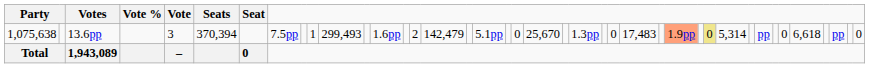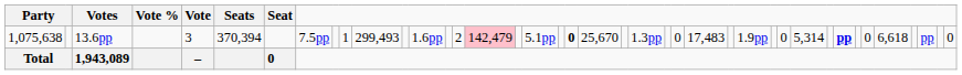 <table class="wikitable" style="text-align:right;">
 <tr>
 <th colspan=2>Party</th>
 <th>Votes</th>
 <th>Vote %</th>
 <th>Vote </th>
 <th>Seats</th>
 <th>Seat </th>
 </tr>
 <tr>
 <td>1,075,638</td>
 <td style="text-align:center;"></td>
 <td style="text-align:left;"> 13.6<a href='#'>pp</a></td>
 <td style="text-align:center;"></td>
 <td style="text-align:left;"> 3<br></td>
 <td>370,394</td>
 <td style="text-align:center;"></td>
 <td style="text-align:left;"> 7.5<a href='#'>pp</a></td>
 <td style="text-align:center;"></td>
 <td style="text-align:left;"> 1<br></td>
 <td>299,493</td>
 <td style="text-align:center;"></td>
 <td style="text-align:left;"> 1.6<a href='#'>pp</a></td>
 <td style="text-align:center;"></td>
 <td style="text-align:left;"> 2<br></td>
-<td>142,479</td>
+<td style="background: pink;">142,479</td>
 <td style="text-align:center;"></td>
 <td style="text-align:left;"> 5.1<a href='#'>pp</a></td>
 <td style="text-align:center;"></td>
-<td style="text-align:left;"> 0<br></td>
+<td style="text-align:left;"><strong> 0<br></strong></td>
 <td>25,670</td>
 <td style="text-align:center;"></td>
 <td style="text-align:left;"> 1.3<a href='#'>pp</a></td>
 <td style="text-align:center;"></td>
 <td style="text-align:left;"> 0<br></td>
 <td>17,483</td>
 <td style="text-align:center;"></td>
-<td style="background: lightsalmon; text-align:left;"> 1.9<a href='#'>pp</a></td>
+<td style="text-align:left;"> 1.9<a href='#'>pp</a></td>
 <td style="text-align:center;"></td>
-<td style="background: khaki; text-align:left;"> 0<br></td>
+<td style="text-align:left;"> 0<br></td>
 <td>5,314</td>
 <td style="text-align:center;"></td>
-<td style="text-align:left;"> <a href='#'>pp</a></td>
+<td style="text-align:left;"><strong> <a href='#'>pp</a></strong></td>
 <td style="text-align:center;"></td>
 <td style="text-align:left;"> 0<br></td>
 <td>6,618</td>
 <td style="text-align:center;"></td>
 <td style="text-align:left;"> <a href='#'>pp</a></td>
 <td style="text-align:center;"></td>
 <td style="text-align:left;"> 0</td>
 </tr>
 <tr>
 <th colspan="2">Total</th>
 <th>1,943,089</th>
 <th></th>
 <th>–</th>
 <th></th>
 <th style="text-align:left;"> 0</th>
 </tr>
 </table>
